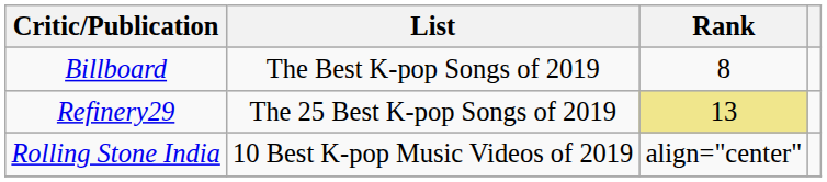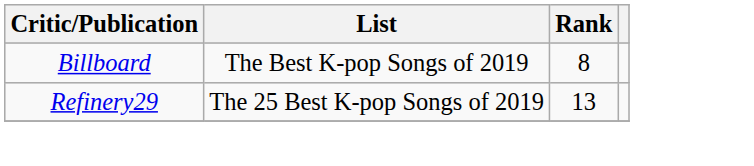 <table class="sortable wikitable">
 <tr>
 <th>Critic/Publication</th>
 <th>List</th>
 <th>Rank</th>
 <th class="unsortable"></th>
 </tr>
 <tr>
 <td align="center"><em><a href='#'>Billboard</a></em></td>
 <td align="center">The Best K-pop Songs of 2019</td>
 <td align="center">8</td>
 <td align="center"></td>
 </tr>
 <tr>
 <td align="center"><em><a href='#'>Refinery29</a></em></td>
 <td align="center">The 25 Best K-pop Songs of 2019</td>
-<td align="center" style="background: khaki;">13</td>
-<td align="center"></td>
-</tr>
-<tr>
-<td align="center"><em><a href='#'>Rolling Stone India</a></em></td>
-<td align="center">10 Best K-pop Music Videos of 2019</td>
-<td>align="center" </td>
+<td align="center">13</td>
 <td align="center"></td>
 </tr>
 <tr>
 </tr>
 </table>
